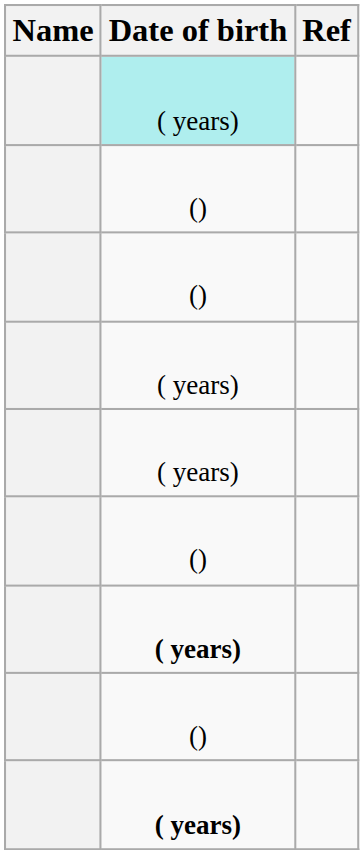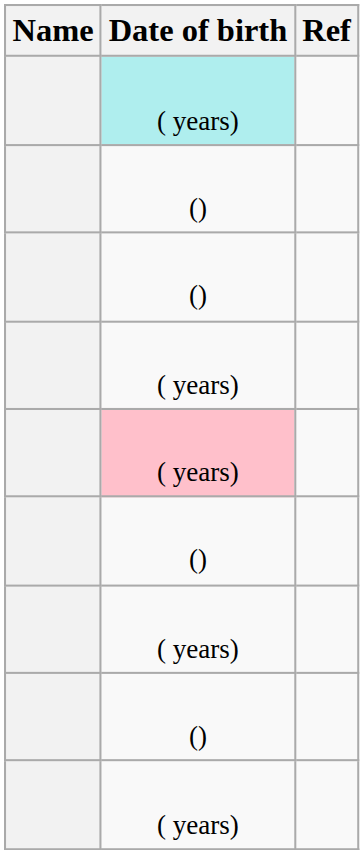 <table class="wikitable plainrowheaders sortable">
 <tr align="center">
 <th scope=col>Name</th>
 <th scope=col>Date of birth<br></th>
 <th scope=col class="unsortable">Ref</th>
 </tr>
 <tr align="center">
 <th scope="row" style="text-align:center"></th>
 <td style="background: paleturquoise;"><br><small>( years)</small></td>
 <td></td>
 </tr>
 <tr align="center">
 <th scope="row" style="text-align:center"></th>
 <td><br><small>()</small></td>
 <td></td>
 </tr>
 <tr align="center">
 <th scope="row" style="text-align:center"></th>
 <td><br><small>()</small></td>
 <td></td>
 </tr>
 <tr align="center">
 <th scope="row" style="text-align:center"></th>
 <td><br><small>( years)</small></td>
 <td></td>
 </tr>
 <tr align="center">
 <th scope="row" style="text-align:center"></th>
+<td style="background: pink;"><br><small>( years)</small></td>
+<td></td>
+</tr>
+<tr align="center">
+<th scope="row" style="text-align:center"></th>
+<td><br><small>()</small></td>
+<td></td>
+</tr>
+<tr align="center">
+<th scope="row" style="text-align:center"></th>
 <td><br><small>( years)</small></td>
 <td></td>
 </tr>
 <tr align="center">
 <th scope="row" style="text-align:center"></th>
 <td><br><small>()</small></td>
 <td></td>
 </tr>
 <tr align="center">
 <th scope="row" style="text-align:center"></th>
-<td><strong><br><small>( years)</small></strong></td>
-<td></td>
-</tr>
-<tr align="center">
-<th scope="row" style="text-align:center"></th>
-<td><br><small>()</small></td>
-<td></td>
-</tr>
-<tr align="center">
-<th scope="row" style="text-align:center"></th>
-<td><strong><br><small>( years)</small></strong></td>
+<td><br><small>( years)</small></td>
 <td></td>
 </tr>
 <tr align="center">
 </tr>
 </table>
